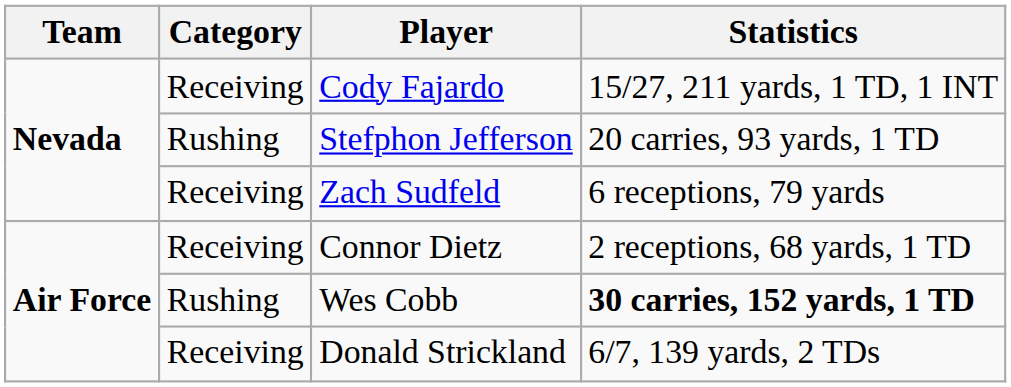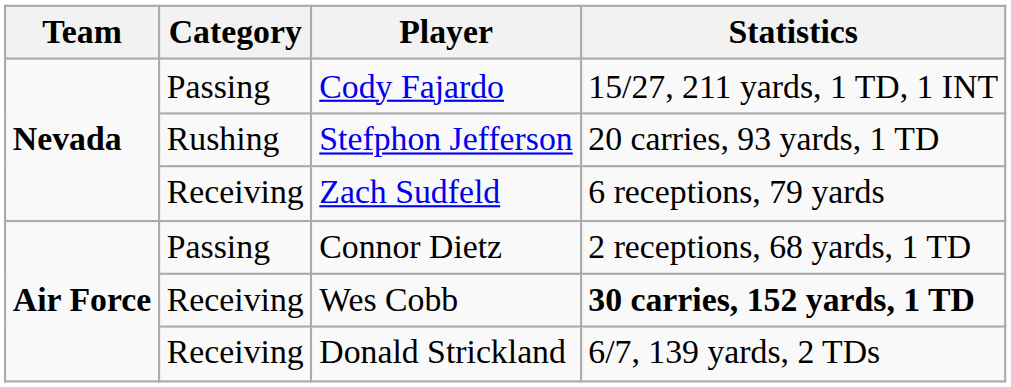 <table class="wikitable" style="float: left;">
 <tr>
 <th>Team</th>
 <th>Category</th>
 <th>Player</th>
 <th>Statistics</th>
 </tr>
 <tr>
 <td rowspan=3><strong>Nevada</strong></td>
-<td>Receiving</td>
+<td>Passing</td>
 <td><a href='#'>Cody Fajardo</a></td>
 <td>15/27, 211 yards, 1 TD, 1 INT</td>
 </tr>
 <tr>
 <td>Rushing</td>
 <td><a href='#'>Stefphon Jefferson</a></td>
 <td>20 carries, 93 yards, 1 TD</td>
 </tr>
 <tr>
 <td>Receiving</td>
 <td><a href='#'>Zach Sudfeld</a></td>
 <td>6 receptions, 79 yards</td>
 </tr>
 <tr>
 <td rowspan=3><strong>Air Force</strong></td>
-<td>Receiving</td>
+<td>Passing</td>
 <td>Connor Dietz</td>
 <td>2 receptions, 68 yards, 1 TD</td>
 </tr>
 <tr>
-<td>Rushing</td>
+<td>Receiving</td>
 <td>Wes Cobb</td>
 <td><strong>30 carries, 152 yards, 1 TD</strong></td>
 </tr>
 <tr>
 <td>Receiving</td>
 <td>Donald Strickland</td>
 <td>6/7, 139 yards, 2 TDs</td>
 </tr>
 </table>
